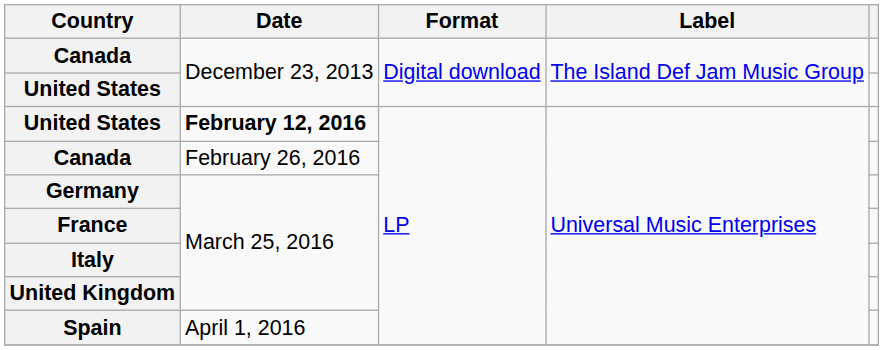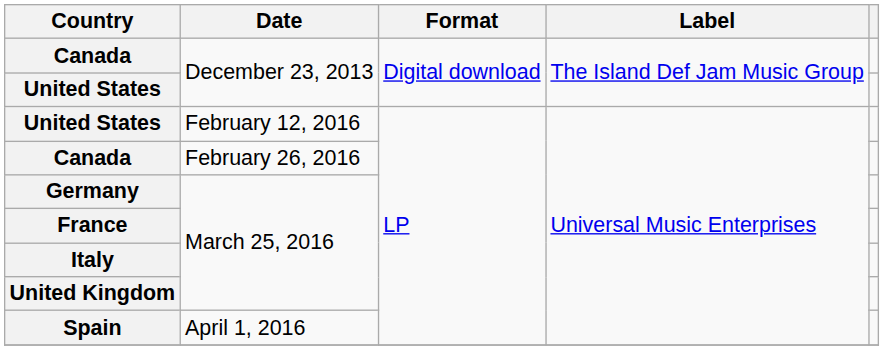 <table class="wikitable plainrowheaders">
 <tr>
 <th scope="col">Country</th>
 <th scope="col">Date</th>
 <th scope="col">Format</th>
 <th scope="col">Label</th>
 <th scope="col"></th>
 </tr>
 <tr>
 <th scope="row">Canada</th>
 <td rowspan="2">December 23, 2013</td>
 <td rowspan="2"><a href='#'>Digital download</a></td>
 <td rowspan="2"><a href='#'>The Island Def Jam Music Group</a></td>
 <td></td>
 </tr>
 <tr>
 <th scope="row">United States</th>
 <td></td>
 </tr>
 <tr>
 <th scope="row">United States</th>
-<td><strong>February 12, 2016</strong></td>
+<td>February 12, 2016</td>
 <td rowspan="7"><a href='#'>LP</a></td>
 <td rowspan="7"><a href='#'>Universal Music Enterprises</a></td>
 <td></td>
 </tr>
 <tr>
 <th scope="row">Canada</th>
 <td>February 26, 2016</td>
 <td></td>
 </tr>
 <tr>
 <th scope="row">Germany</th>
 <td rowspan="4">March 25, 2016</td>
 <td></td>
 </tr>
 <tr>
 <th scope="row">France</th>
 <td></td>
 </tr>
 <tr>
 <th scope="row">Italy</th>
 <td></td>
 </tr>
 <tr>
 <th scope="row">United Kingdom</th>
 <td></td>
 </tr>
 <tr>
 <th scope="row">Spain</th>
 <td>April 1, 2016</td>
 <td></td>
 </tr>
 <tr>
 </tr>
 </table>
